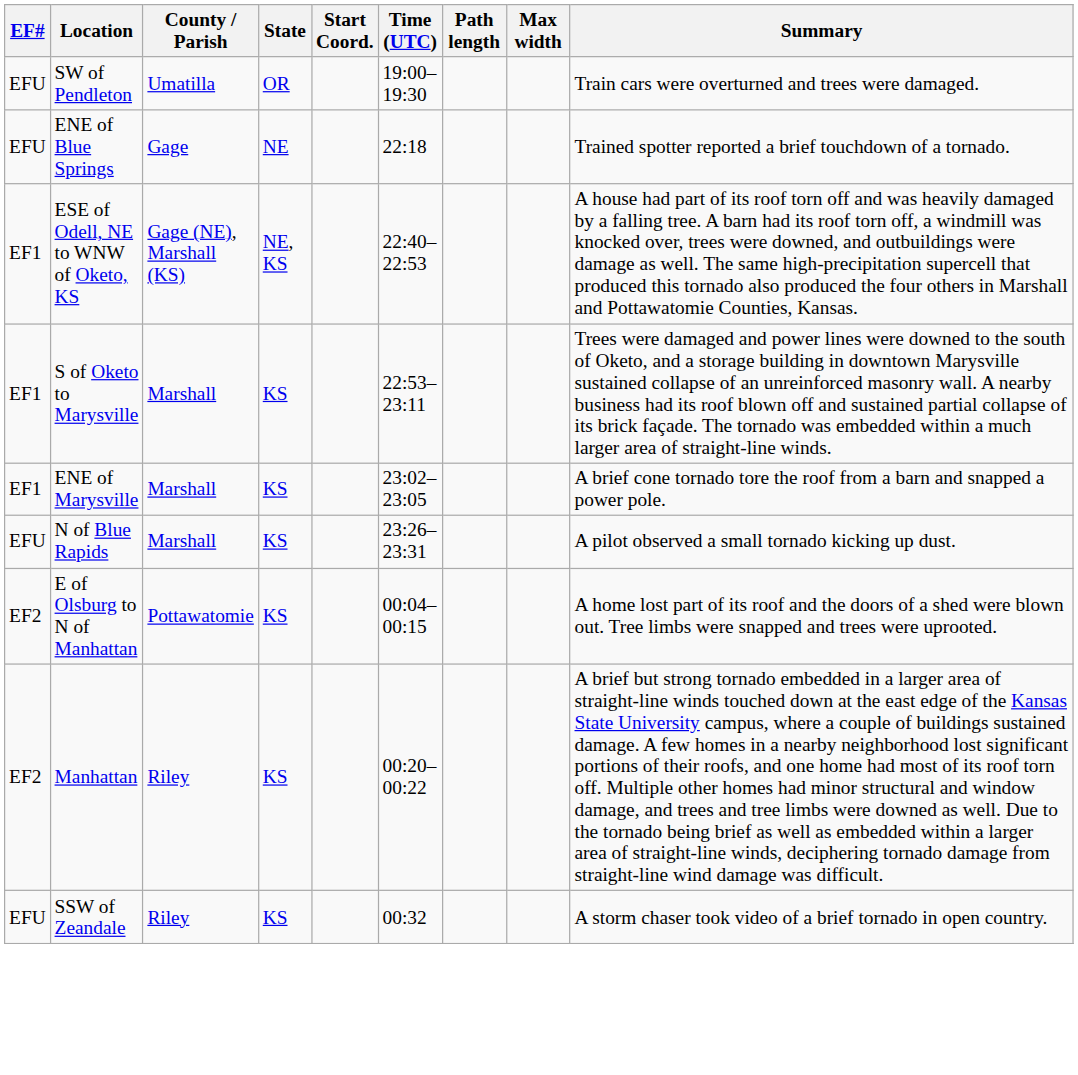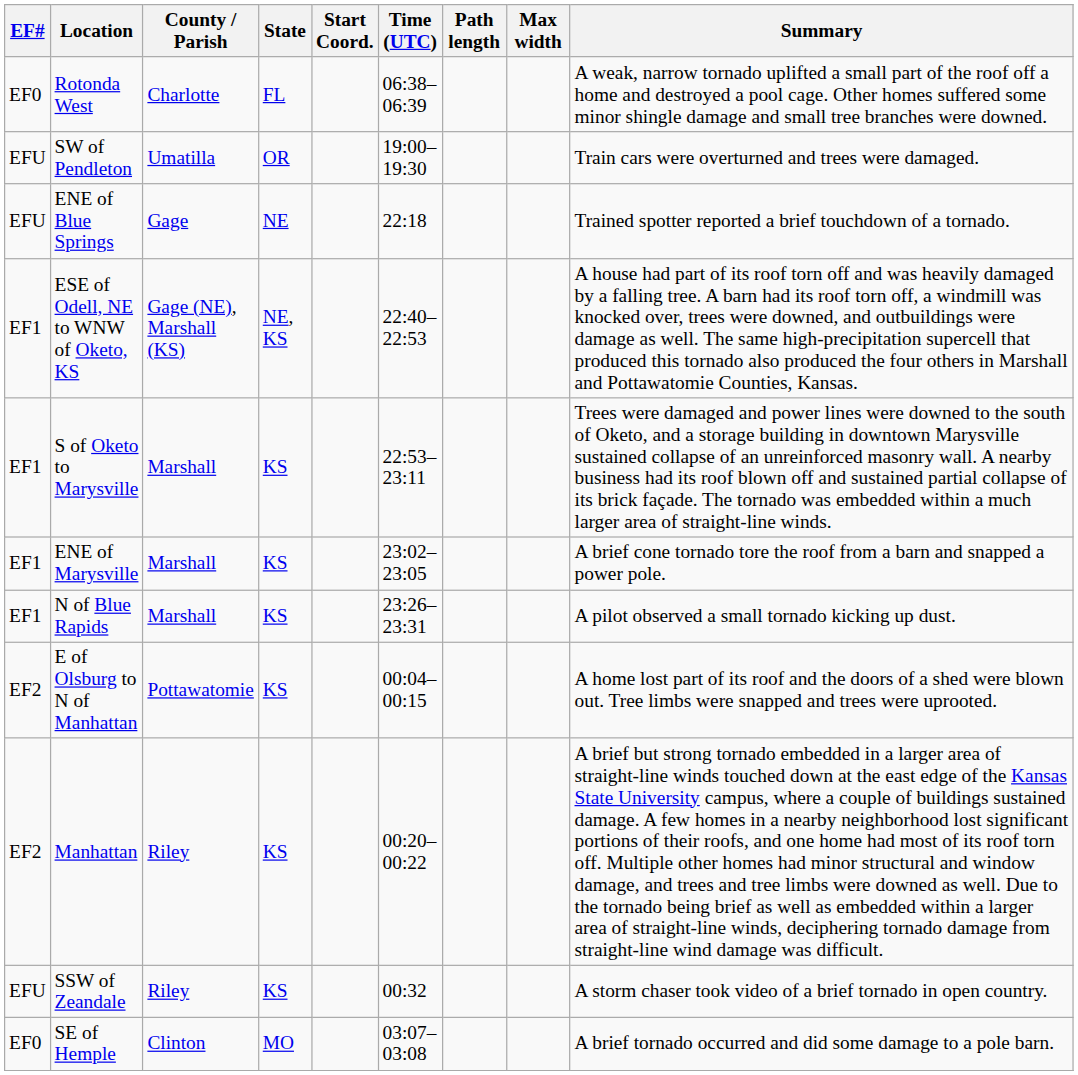 <table class="wikitable sortable" style="width:100%;">
 <tr>
 <th scope="col"  style="width:3%; text-align:center;"><a href='#'>EF#</a></th>
 <th scope="col"  style="width:7%; text-align:center;" class="unsortable">Location</th>
 <th scope="col"  style="width:6%; text-align:center;" class="unsortable">County / Parish</th>
 <th scope="col"  style="width:5%; text-align:center;">State</th>
 <th scope="col"  style="width:6%; text-align:center;">Start Coord.</th>
 <th scope="col"  style="width:6%; text-align:center;">Time (<a href='#'>UTC</a>)</th>
 <th scope="col"  style="width:6%; text-align:center;">Path length</th>
 <th scope="col"  style="width:6%; text-align:center;">Max width</th>
 <th scope="col" class="unsortable" style="width:48%; text-align:center;">Summary</th>
+</tr>
+<tr>
+<td>EF0</td>
+<td><a href='#'>Rotonda West</a></td>
+<td><a href='#'>Charlotte</a></td>
+<td><a href='#'>FL</a></td>
+<td></td>
+<td>06:38–06:39</td>
+<td></td>
+<td></td>
+<td>A weak, narrow tornado uplifted a small part of the roof off a home and destroyed a pool cage. Other homes suffered some minor shingle damage and small tree branches were downed.</td>
 </tr>
 <tr>
 <td>EFU</td>
 <td>SW of <a href='#'>Pendleton</a></td>
 <td><a href='#'>Umatilla</a></td>
 <td><a href='#'>OR</a></td>
 <td></td>
 <td>19:00–19:30</td>
 <td></td>
 <td></td>
 <td>Train cars were overturned and trees were damaged.</td>
 </tr>
 <tr>
 <td>EFU</td>
 <td>ENE of <a href='#'>Blue Springs</a></td>
 <td><a href='#'>Gage</a></td>
 <td><a href='#'>NE</a></td>
 <td></td>
 <td>22:18</td>
 <td></td>
 <td></td>
 <td>Trained spotter reported a brief touchdown of a tornado.</td>
 </tr>
 <tr>
 <td>EF1</td>
 <td>ESE of <a href='#'>Odell, NE</a> to WNW of <a href='#'>Oketo, KS</a></td>
 <td><a href='#'>Gage (NE)</a>, <a href='#'>Marshall (KS)</a></td>
 <td><a href='#'>NE</a>, <a href='#'>KS</a></td>
 <td></td>
 <td>22:40–22:53</td>
 <td></td>
 <td></td>
 <td>A house had part of its roof torn off and was heavily damaged by a falling tree. A barn had its roof torn off, a windmill was knocked over, trees were downed, and outbuildings were damage as well. The same high-precipitation supercell that produced this tornado also produced the four others in Marshall and Pottawatomie Counties, Kansas.</td>
 </tr>
 <tr>
 <td>EF1</td>
 <td>S of <a href='#'>Oketo</a> to <a href='#'>Marysville</a></td>
 <td><a href='#'>Marshall</a></td>
 <td><a href='#'>KS</a></td>
 <td></td>
 <td>22:53–23:11</td>
 <td></td>
 <td></td>
 <td>Trees were damaged and power lines were downed to the south of Oketo, and a storage building in downtown Marysville sustained collapse of an unreinforced masonry wall. A nearby business had its roof blown off and sustained partial collapse of its brick façade. The tornado was embedded within a much larger area of  straight-line winds.</td>
 </tr>
 <tr>
 <td>EF1</td>
 <td>ENE of <a href='#'>Marysville</a></td>
 <td><a href='#'>Marshall</a></td>
 <td><a href='#'>KS</a></td>
 <td></td>
 <td>23:02–23:05</td>
 <td></td>
 <td></td>
 <td>A brief cone tornado tore the roof from a barn and snapped a power pole.</td>
 </tr>
 <tr>
-<td>EFU</td>
+<td>EF1</td>
 <td>N of <a href='#'>Blue Rapids</a></td>
 <td><a href='#'>Marshall</a></td>
 <td><a href='#'>KS</a></td>
 <td></td>
 <td>23:26–23:31</td>
 <td></td>
 <td></td>
 <td>A pilot observed a small tornado kicking up dust.</td>
 </tr>
 <tr>
 <td>EF2</td>
 <td>E of <a href='#'>Olsburg</a> to N of <a href='#'>Manhattan</a></td>
 <td><a href='#'>Pottawatomie</a></td>
 <td><a href='#'>KS</a></td>
 <td></td>
 <td>00:04–00:15</td>
 <td></td>
 <td></td>
 <td>A home lost part of its roof and the doors of a shed were blown out. Tree limbs were snapped and trees were uprooted.</td>
 </tr>
 <tr>
 <td>EF2</td>
 <td><a href='#'>Manhattan</a></td>
 <td><a href='#'>Riley</a></td>
 <td><a href='#'>KS</a></td>
 <td></td>
 <td>00:20–00:22</td>
 <td></td>
 <td></td>
 <td>A brief but strong tornado embedded in a larger area of straight-line winds touched down at the east edge of the <a href='#'>Kansas State University</a> campus, where a couple of buildings sustained damage. A few homes in a nearby neighborhood lost significant portions of their roofs, and one home had most of its roof torn off. Multiple other homes had minor structural and window damage, and trees and tree limbs were downed as well. Due to the tornado being brief as well as embedded within a larger area of  straight-line winds, deciphering tornado damage from straight-line wind damage was difficult.</td>
 </tr>
 <tr>
 <td>EFU</td>
 <td>SSW of <a href='#'>Zeandale</a></td>
 <td><a href='#'>Riley</a></td>
 <td><a href='#'>KS</a></td>
 <td></td>
 <td>00:32</td>
 <td></td>
 <td></td>
 <td>A storm chaser took video of a brief tornado in open country.</td>
 </tr>
 <tr>
+<td>EF0</td>
+<td>SE of <a href='#'>Hemple</a></td>
+<td><a href='#'>Clinton</a></td>
+<td><a href='#'>MO</a></td>
+<td></td>
+<td>03:07–03:08</td>
+<td></td>
+<td></td>
+<td>A brief tornado occurred and did some damage to a pole barn.</td>
+</tr>
+<tr>
 </tr>
 </table>
